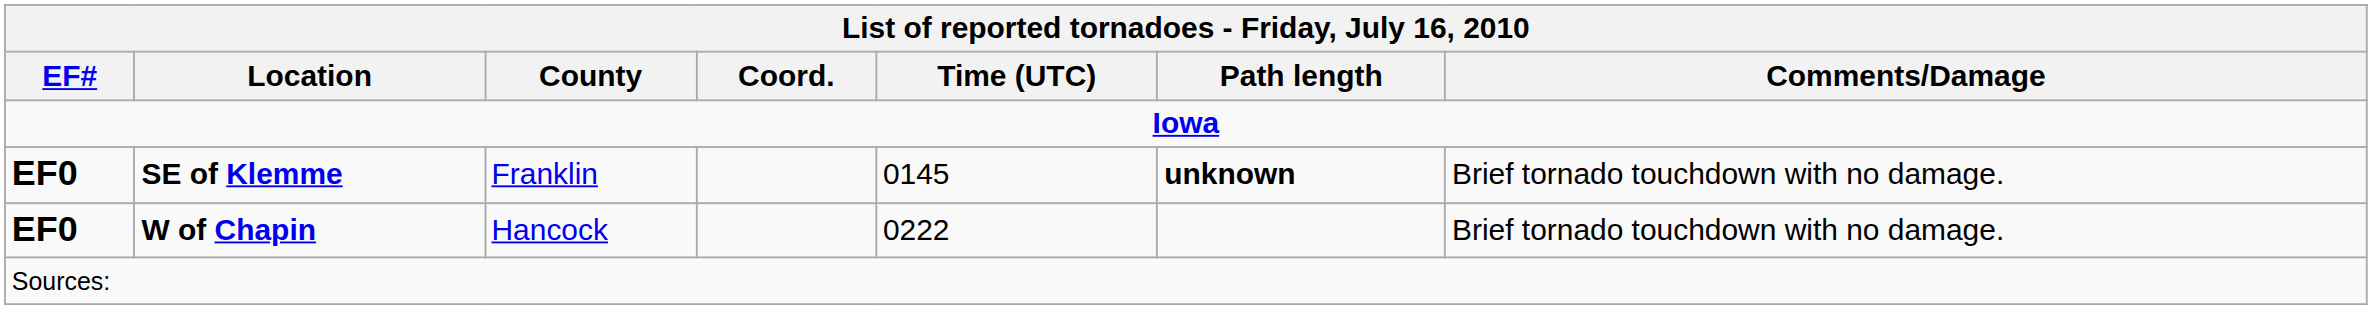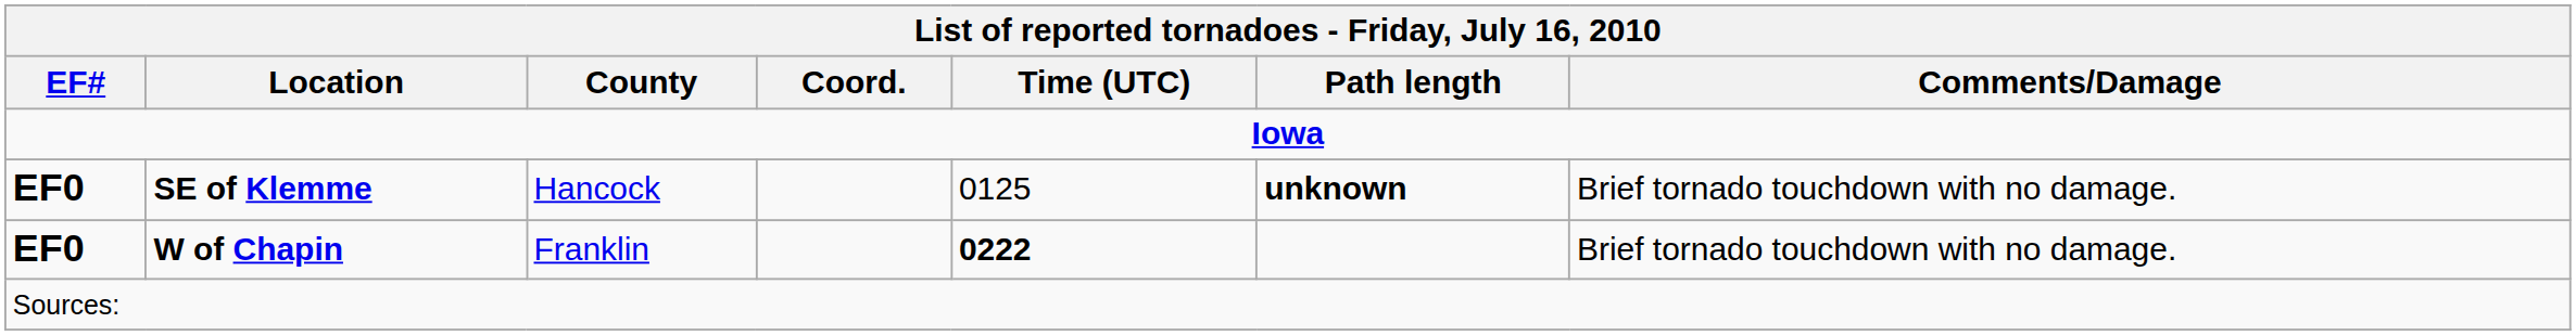 <table class="wikitable collapsible" style="width:100%;">
 <tr>
 <th colspan="7">List of reported tornadoes - Friday, July 16, 2010</th>
 </tr>
 <tr>
 <th><a href='#'>EF#</a></th>
 <th>Location</th>
 <th>County</th>
 <th>Coord.</th>
 <th>Time (UTC)</th>
 <th>Path length</th>
 <th>Comments/Damage</th>
 </tr>
 <tr>
 <td colspan="7" style="text-align:center;"><strong><a href='#'>Iowa</a></strong></td>
 </tr>
 <tr>
 <td><big><strong>EF0</strong></big></td>
 <td><strong>SE of <a href='#'>Klemme</a></strong></td>
-<td><a href='#'>Franklin</a></td>
+<td><a href='#'>Hancock</a></td>
 <td></td>
-<td>0145</td>
+<td>0125</td>
 <td><strong>unknown</strong></td>
 <td>Brief tornado touchdown with no damage.</td>
 </tr>
 <tr>
 <td><big><strong>EF0</strong></big></td>
 <td><strong>W of <a href='#'>Chapin</a></strong></td>
-<td><a href='#'>Hancock</a></td>
+<td><a href='#'>Franklin</a></td>
 <td></td>
-<td>0222</td>
+<td><strong>0222</strong></td>
 <td></td>
 <td>Brief tornado touchdown with no damage.</td>
 </tr>
 <tr>
 <td colspan="7"><small>Sources: </small></td>
 </tr>
 </table>
